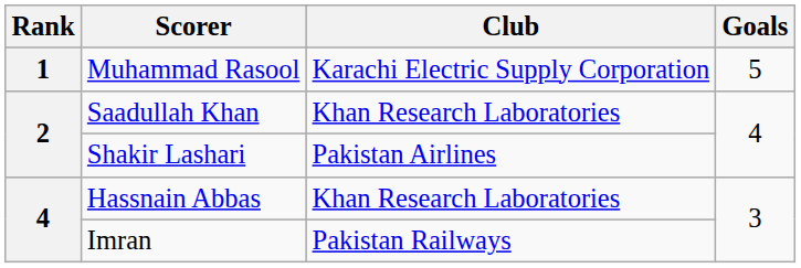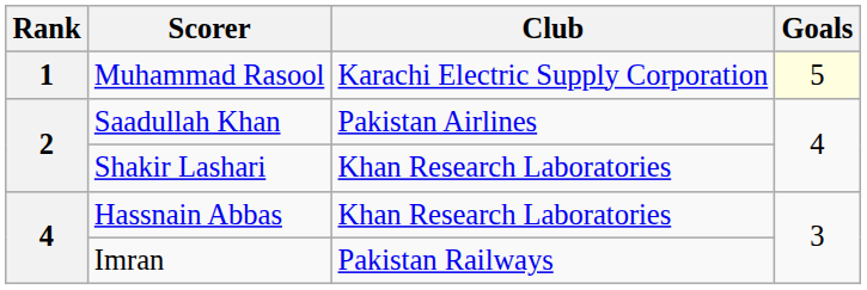 <table class="wikitable" style="text-align:center">
 <tr>
 <th>Rank</th>
 <th>Scorer</th>
 <th>Club</th>
 <th>Goals</th>
 </tr>
 <tr>
 <th>1</th>
 <td align="left"><a href='#'>Muhammad Rasool</a></td>
 <td align="left"><a href='#'>Karachi Electric Supply Corporation</a></td>
-<td>5</td>
+<td style="background: lightyellow;">5</td>
 </tr>
 <tr>
 <th rowspan="2">2</th>
 <td align="left"><a href='#'>Saadullah Khan</a></td>
-<td align="left"><a href='#'>Khan Research Laboratories</a></td>
+<td align="left"><a href='#'>Pakistan Airlines</a></td>
 <td rowspan="2">4</td>
 </tr>
 <tr>
 <td align="left"><a href='#'>Shakir Lashari</a></td>
-<td align="left"><a href='#'>Pakistan Airlines</a></td>
+<td align="left"><a href='#'>Khan Research Laboratories</a></td>
 </tr>
 <tr>
 <th rowspan="2">4</th>
 <td align="left"><a href='#'>Hassnain Abbas</a></td>
 <td align="left"><a href='#'>Khan Research Laboratories</a></td>
 <td rowspan="2">3</td>
 </tr>
 <tr>
 <td align="left">Imran</td>
 <td align="left"><a href='#'>Pakistan Railways</a></td>
 </tr>
 </table>
